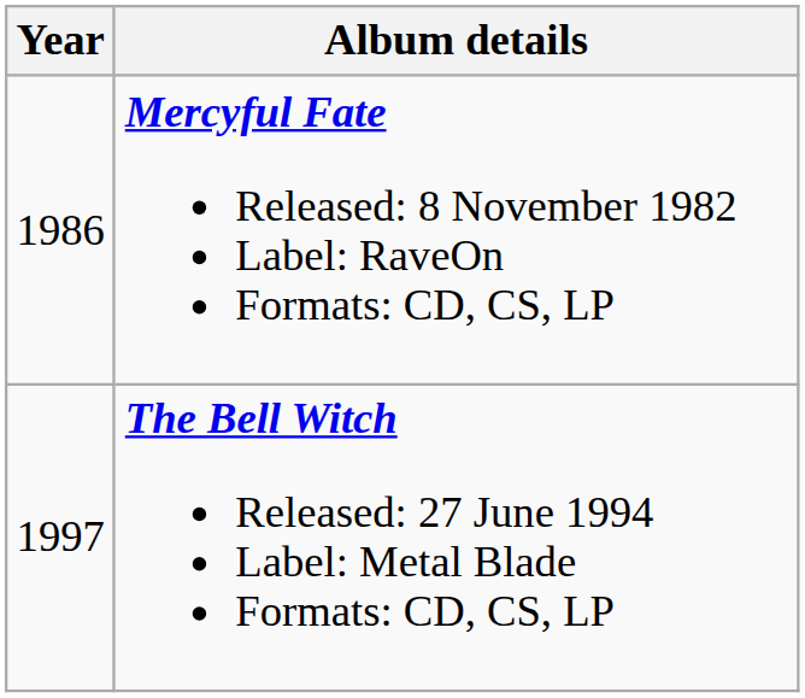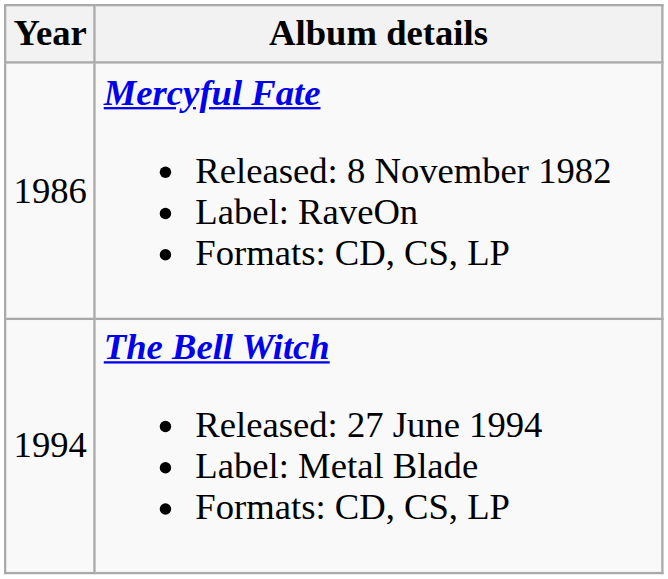 <table class ="wikitable" border="1">
 <tr>
 <th>Year</th>
 <th width="240">Album details</th>
 </tr>
 <tr>
 <td>1986</td>
 <td align="left"><strong><em><a href='#'>Mercyful Fate</a></em></strong><br><ul><li>Released: 8 November 1982</li><li>Label: RaveOn</li><li>Formats: CD, CS, LP</li></ul></td>
 </tr>
 <tr>
-<td>1997</td>
+<td>1994</td>
 <td align="left"><strong><em><a href='#'>The Bell Witch</a></em></strong><br><ul><li>Released: 27 June 1994</li><li>Label: Metal Blade</li><li>Formats: CD, CS, LP</li></ul></td>
 </tr>
 </table>
